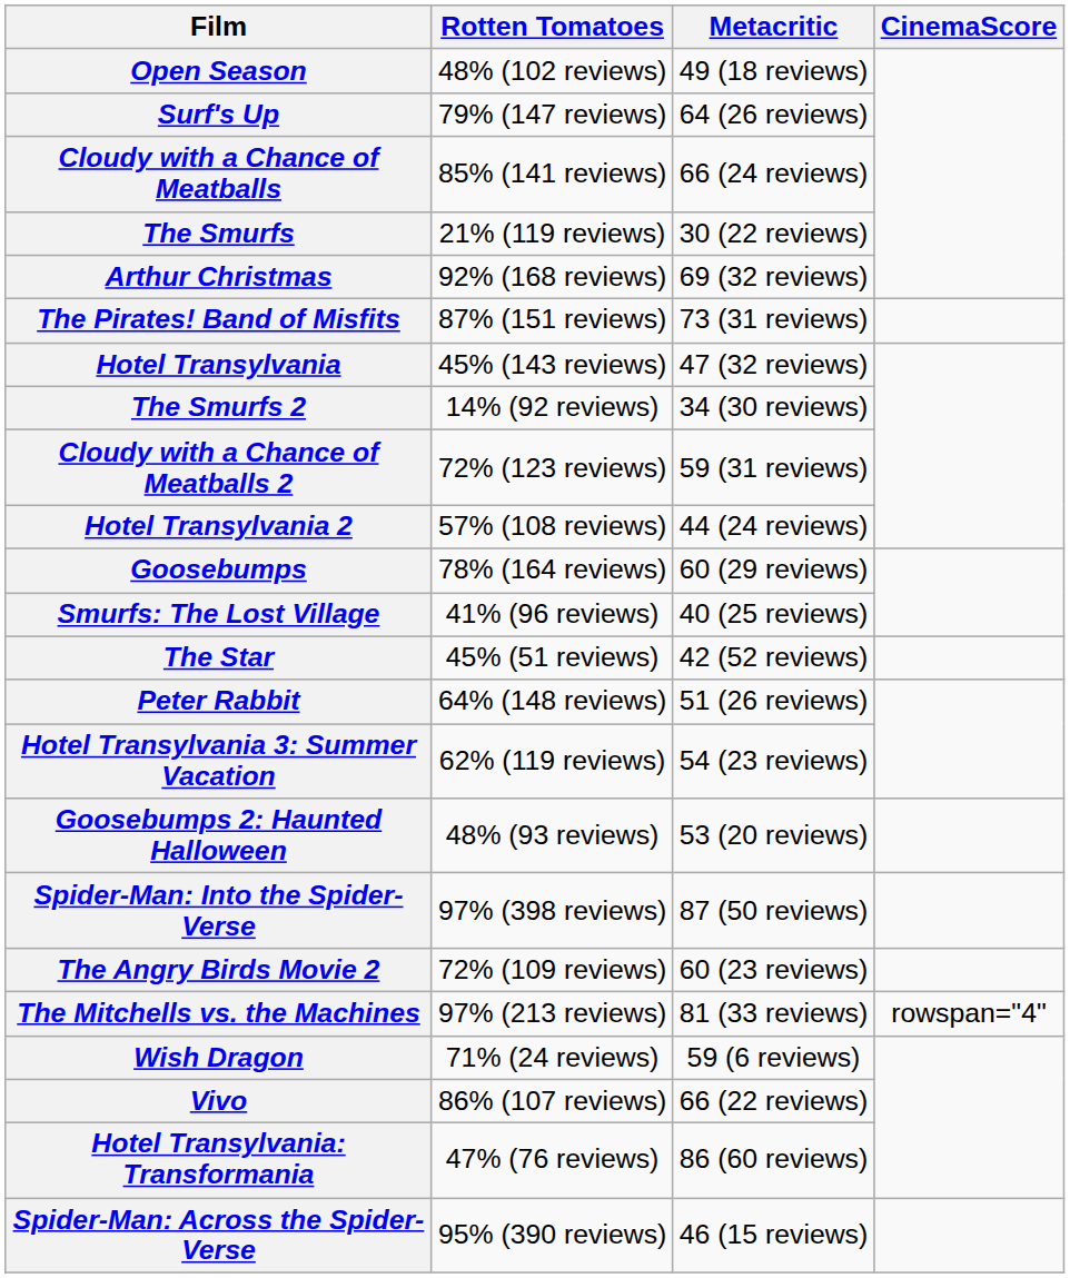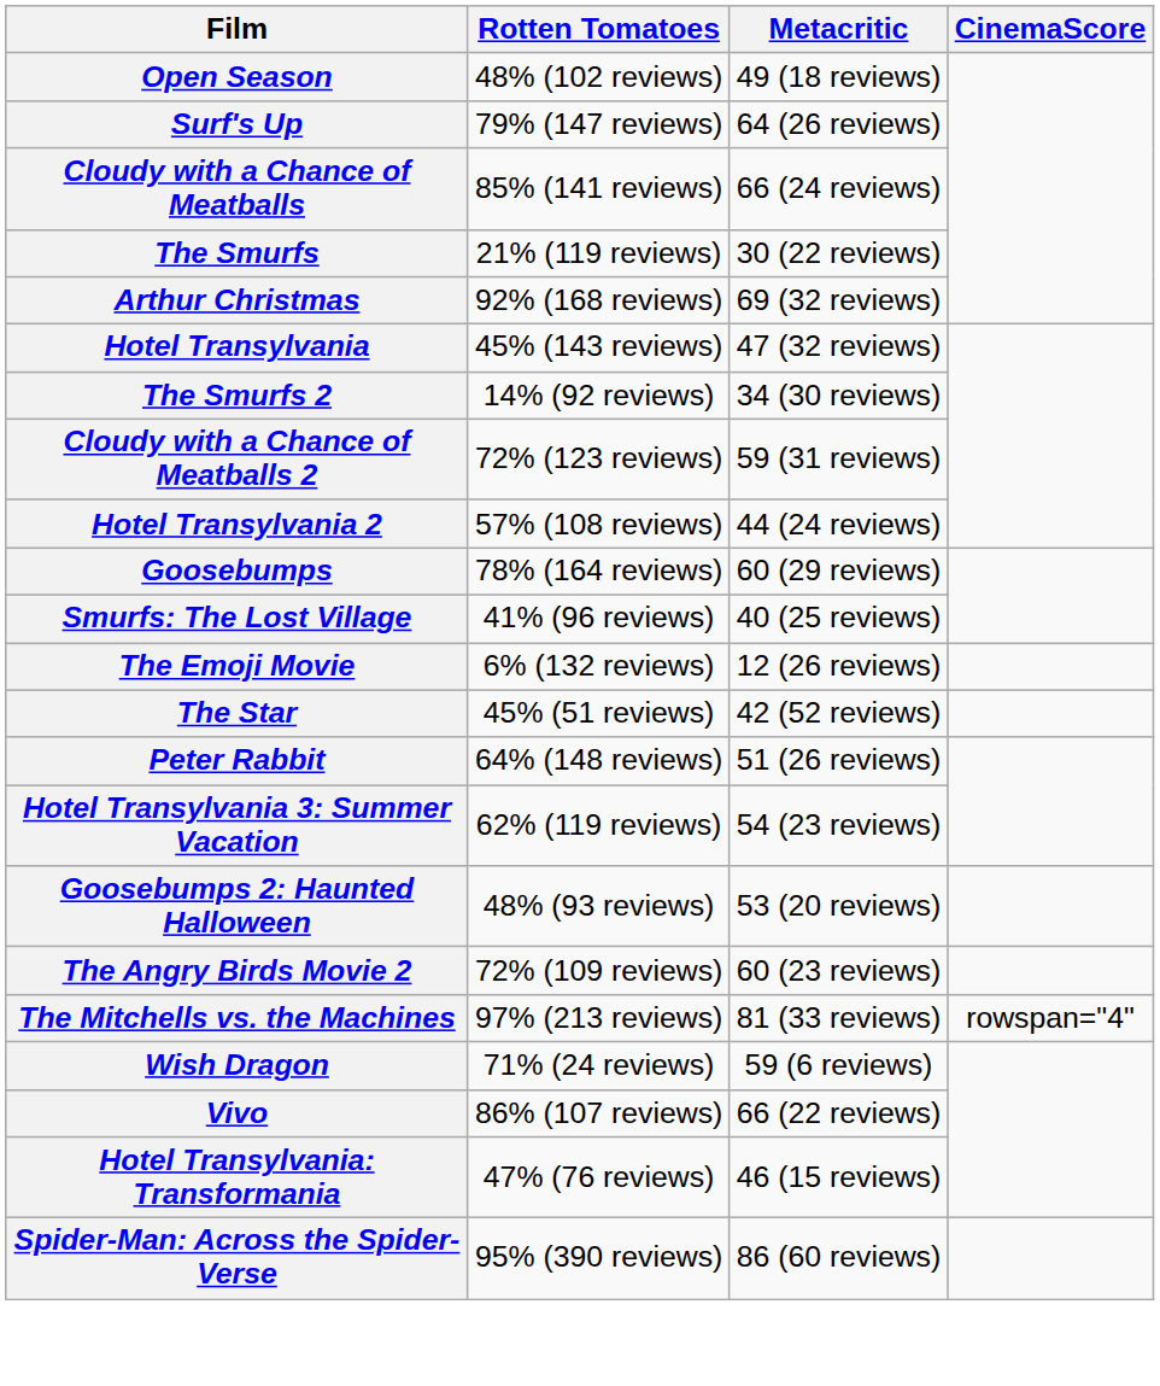 <table class="sortable wikitable plainrowheaders" style="text-align: center;">
 <tr>
 <th style="width:240px;">Film</th>
 <th data-sort-type="number"><a href='#'>Rotten Tomatoes</a></th>
 <th data-sort-type="number"><a href='#'>Metacritic</a></th>
 <th><a href='#'>CinemaScore</a></th>
 </tr>
 <tr>
 <th scope="row"><em><a href='#'>Open Season</a></em></th>
 <td>48% (102 reviews)</td>
 <td>49 (18 reviews)</td>
 <td rowspan="5"></td>
 </tr>
 <tr>
 <th scope="row"><em><a href='#'>Surf's Up</a></em></th>
 <td>79% (147 reviews)</td>
 <td>64 (26 reviews)</td>
 </tr>
 <tr>
 <th scope="row"><em><a href='#'>Cloudy with a Chance of Meatballs</a></em></th>
 <td>85% (141 reviews)</td>
 <td>66 (24 reviews)</td>
 </tr>
 <tr>
 <th scope="row"><em><a href='#'>The Smurfs</a></em></th>
 <td>21% (119 reviews)</td>
 <td>30 (22 reviews)</td>
 </tr>
 <tr>
 <th scope="row"><em><a href='#'>Arthur Christmas</a></em></th>
 <td>92% (168 reviews)</td>
 <td>69 (32 reviews)</td>
 </tr>
 <tr>
-<th scope="row"><em><a href='#'>The Pirates! Band of Misfits</a></em></th>
-<td>87% (151 reviews)</td>
-<td>73 (31 reviews)</td>
-<td></td>
-</tr>
-<tr>
 <th scope="row"><em><a href='#'>Hotel Transylvania</a></em></th>
 <td>45% (143 reviews)</td>
 <td>47 (32 reviews)</td>
 <td rowspan="4"></td>
 </tr>
 <tr>
 <th scope="row"><em><a href='#'>The Smurfs 2</a></em></th>
 <td>14% (92 reviews)</td>
 <td>34 (30 reviews)</td>
 </tr>
 <tr>
 <th scope="row"><em><a href='#'>Cloudy with a Chance of Meatballs 2</a></em></th>
 <td>72% (123 reviews)</td>
 <td>59 (31 reviews)</td>
 </tr>
 <tr>
 <th scope="row"><em><a href='#'>Hotel Transylvania 2</a></em></th>
 <td>57% (108 reviews)</td>
 <td>44 (24 reviews)</td>
 </tr>
 <tr>
 <th scope="row"><em><a href='#'>Goosebumps</a></em></th>
 <td>78% (164 reviews)</td>
 <td>60 (29 reviews)</td>
 <td rowspan="2"></td>
 </tr>
 <tr>
 <th scope="row"><em><a href='#'>Smurfs: The Lost Village</a></em></th>
 <td>41% (96 reviews)</td>
 <td>40 (25 reviews)</td>
 </tr>
 <tr>
+<th scope="row"><em><a href='#'>The Emoji Movie</a></em></th>
+<td>6% (132 reviews)</td>
+<td>12 (26 reviews)</td>
+<td></td>
+</tr>
+<tr>
 <th scope="row"><em><a href='#'>The Star</a></em></th>
 <td>45% (51 reviews)</td>
 <td>42 (52 reviews)</td>
 <td></td>
 </tr>
 <tr>
 <th scope="row"><em><a href='#'>Peter Rabbit</a></em></th>
 <td>64% (148 reviews)</td>
 <td>51 (26 reviews)</td>
 <td rowspan="2"></td>
 </tr>
 <tr>
 <th scope="row"><em><a href='#'>Hotel Transylvania 3: Summer Vacation</a></em></th>
 <td>62% (119 reviews)</td>
 <td>54 (23 reviews)</td>
 </tr>
 <tr>
 <th scope="row"><em><a href='#'>Goosebumps 2: Haunted Halloween</a></em></th>
 <td>48% (93 reviews)</td>
 <td>53 (20 reviews)</td>
-<td></td>
-</tr>
-<tr>
-<th scope="row"><em><a href='#'>Spider-Man: Into the Spider-Verse</a></em></th>
-<td>97% (398 reviews)</td>
-<td>87 (50 reviews)</td>
 <td></td>
 </tr>
 <tr>
 <th scope="row"><em><a href='#'>The Angry Birds Movie 2</a></em></th>
 <td>72% (109 reviews)</td>
 <td>60 (23 reviews)</td>
 <td></td>
 </tr>
 <tr>
 <th scope="row"><em><a href='#'>The Mitchells vs. the Machines</a></em></th>
 <td>97% (213 reviews)</td>
 <td>81 (33 reviews)</td>
 <td>rowspan="4" </td>
 </tr>
 <tr>
 <th scope="row"><em><a href='#'>Wish Dragon</a></em></th>
 <td>71% (24 reviews)</td>
 <td>59 (6 reviews)</td>
 </tr>
 <tr>
 <th scope="row"><em><a href='#'>Vivo</a></em></th>
 <td>86% (107 reviews)</td>
 <td>66 (22 reviews)</td>
 </tr>
 <tr>
 <th scope="row"><em><a href='#'>Hotel Transylvania: Transformania</a></em></th>
 <td>47% (76 reviews)</td>
-<td>86 (60 reviews)</td>
+<td>46 (15 reviews)</td>
 </tr>
 <tr>
 <th scope="row"><em><a href='#'>Spider-Man: Across the Spider-Verse</a></em></th>
 <td>95% (390 reviews)</td>
-<td>46 (15 reviews)</td>
+<td>86 (60 reviews)</td>
 <td></td>
 </tr>
 </table>
